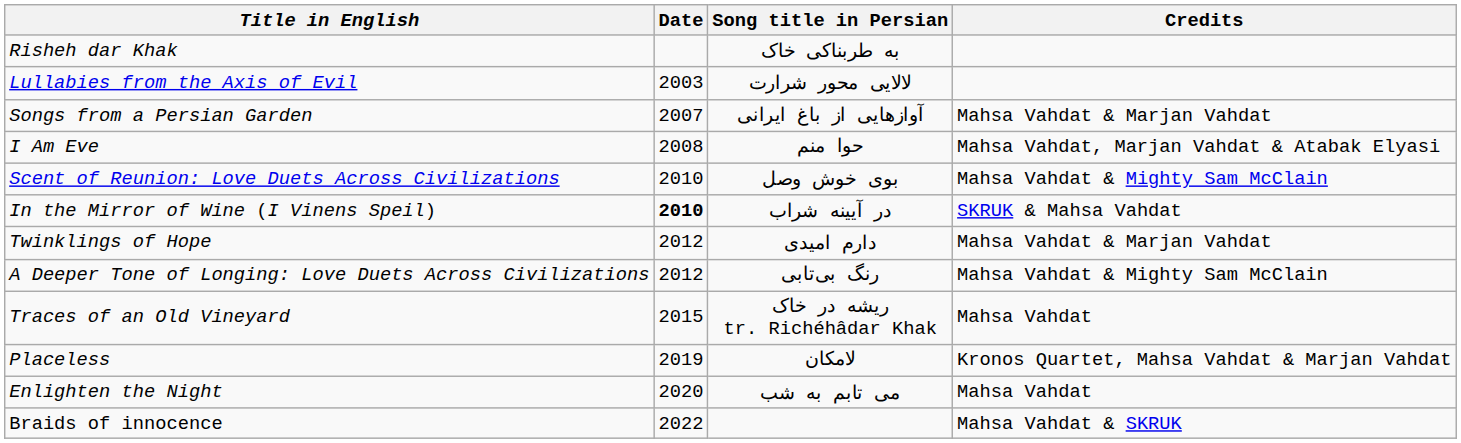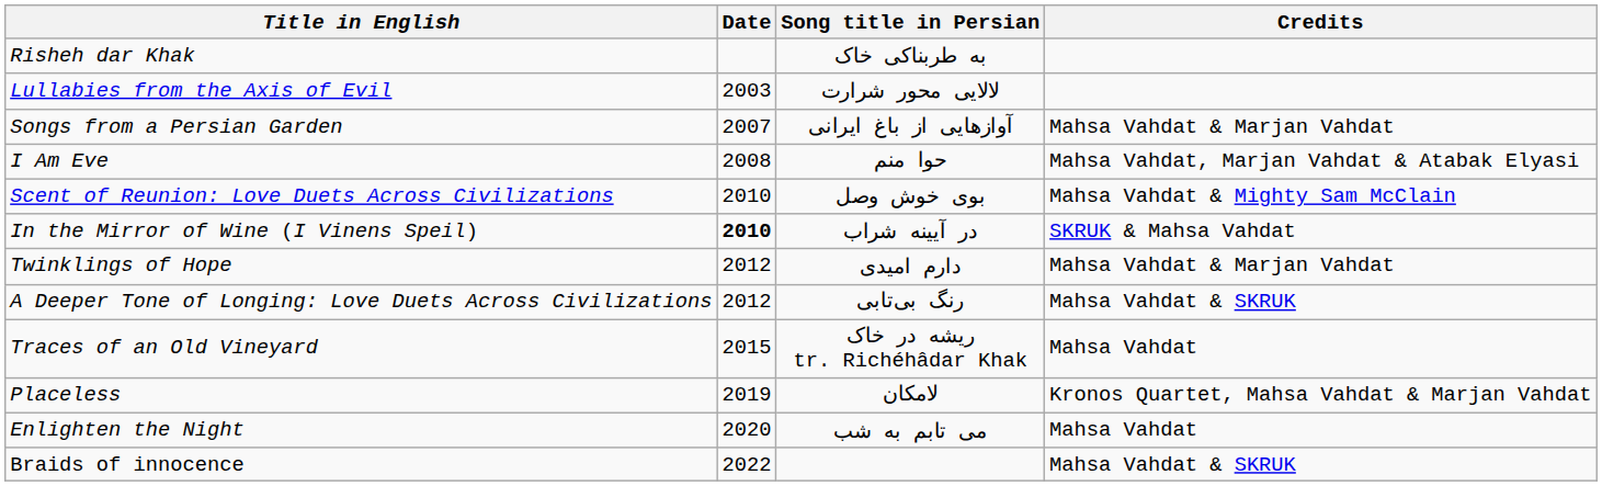 <table class="wikitable">
 <tr>
 <th><em>Title in English </em></th>
 <th>Date</th>
 <th><strong>Song title in Persian</strong></th>
 <th><strong>Credits</strong></th>
 </tr>
 <tr>
 <td><em>Risheh dar Khak</em></td>
 <td></td>
 <td style="text-align:center;">به طربناکی خاک</td>
 <td></td>
 </tr>
 <tr>
 <td><em><a href='#'>Lullabies from the Axis of Evil</a></em></td>
 <td style="text-align:center;">2003</td>
 <td style="text-align:center;">لالایی محور شرارت</td>
 <td></td>
 </tr>
 <tr>
 <td><em>Songs from a Persian Garden</em></td>
 <td style="text-align:center;">2007</td>
 <td style="text-align:center;">آوازهایی از باغ ایرانی</td>
 <td>Mahsa Vahdat & Marjan Vahdat</td>
 </tr>
 <tr>
 <td><em>I Am Eve</em></td>
 <td style="text-align:center;">2008</td>
 <td style="text-align:center;">حوا منم</td>
 <td>Mahsa Vahdat, Marjan Vahdat & Atabak Elyasi</td>
 </tr>
 <tr>
 <td><em><a href='#'>Scent of Reunion: Love Duets Across Civilizations</a></em></td>
 <td style="text-align:center;">2010</td>
 <td style="text-align:center;">بوی خوش وصل</td>
 <td>Mahsa Vahdat & <a href='#'>Mighty Sam McClain</a></td>
 </tr>
 <tr>
 <td><em>In the Mirror of Wine</em> (<em>I Vinens Speil</em>)</td>
 <td style="text-align:center;"><strong>2010</strong></td>
 <td style="text-align:center;">در آیینه شراب</td>
 <td><a href='#'>SKRUK</a> & Mahsa Vahdat</td>
 </tr>
 <tr>
 <td><em>Twinklings of Hope</em></td>
 <td style="text-align:center;">2012</td>
 <td style="text-align:center;">دارم امیدی</td>
 <td>Mahsa Vahdat & Marjan Vahdat</td>
 </tr>
 <tr>
 <td><em>A Deeper Tone of Longing: Love Duets Across Civilizations</em></td>
 <td style="text-align:center;">2012</td>
 <td style="text-align:center;">رنگ بی‌تابی</td>
-<td>Mahsa Vahdat & Mighty Sam McClain</td>
+<td>Mahsa Vahdat & <a href='#'>SKRUK</a></td>
 </tr>
 <tr>
 <td><em>Traces of an Old Vineyard</em></td>
 <td style="text-align:center;">2015</td>
 <td style="text-align:center;">ریشه در خاک <br> tr. Richéhâdar Khak</td>
 <td>Mahsa Vahdat</td>
 </tr>
 <tr>
 <td><em>Placeless</em></td>
 <td style="text-align:center;">2019</td>
 <td style="text-align:center;">لامکان</td>
 <td>Kronos Quartet, Mahsa Vahdat & Marjan Vahdat</td>
 </tr>
 <tr>
 <td><em>Enlighten the Night</em></td>
 <td style="text-align:center;">2020</td>
 <td style="text-align:center;">مى تابم به شب</td>
 <td>Mahsa Vahdat</td>
 </tr>
 <tr>
 <td>Braids of innocence</td>
 <td>2022</td>
 <td></td>
 <td>Mahsa Vahdat & <a href='#'>SKRUK</a></td>
 </tr>
 </table>
